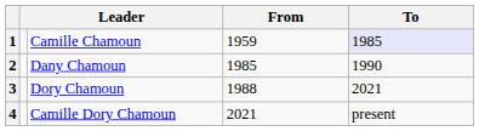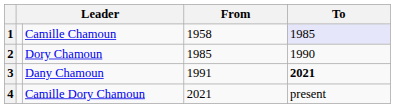 <table class="wikitable">
 <tr>
 <th></th>
 <th colspan="2">Leader</th>
 <th>From</th>
 <th>To</th>
 </tr>
 <tr>
 <th style="background:">1</th>
 <td></td>
 <td style="width:200px;"><a href='#'>Camille Chamoun</a></td>
-<td style="width:125px;">1959</td>
+<td style="width:125px;">1958</td>
 <td style="background: lavender; width:125px;">1985</td>
 </tr>
 <tr>
 <th style="background:">2</th>
 <td></td>
-<td style="width:200px;"><a href='#'>Dany Chamoun</a></td>
+<td style="width:200px;"><a href='#'>Dory Chamoun</a></td>
 <td style="width:125px;">1985</td>
 <td style="width:125px;">1990</td>
 </tr>
 <tr>
 <th style="background:">3</th>
 <td></td>
-<td style="width:200px;"><a href='#'>Dory Chamoun</a></td>
-<td style="width:125px;">1988</td>
-<td style="width:125px;">2021</td>
+<td style="width:200px;"><a href='#'>Dany Chamoun</a></td>
+<td style="width:125px;">1991</td>
+<td style="width:125px;"><strong>2021</strong></td>
 </tr>
 <tr>
 <th style="background:">4</th>
 <td></td>
 <td style="width:200px;"><a href='#'>Camille Dory Chamoun</a></td>
 <td style="width:125px;">2021</td>
 <td style="width:125px;">present</td>
 </tr>
 </table>
